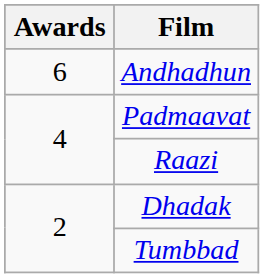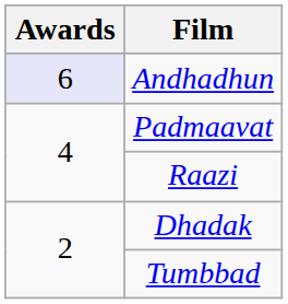 <table class="wikitable plainrowheaders" style="text-align:center;">
 <tr>
 <th scope="col" style="width:55px;">Awards</th>
 <th scope="col" style="text-align:center;">Film</th>
 </tr>
 <tr>
-<td scope="row" style="text-align:center">6</td>
+<td scope="row" style="background: lavender; text-align:center">6</td>
 <td><em><a href='#'>Andhadhun</a></em></td>
 </tr>
 <tr>
 <td rowspan="2" scope="row" style="text-align:center">4</td>
 <td><em><a href='#'>Padmaavat</a></em></td>
 </tr>
 <tr>
 <td><em><a href='#'>Raazi</a></em></td>
 </tr>
 <tr>
 <td rowspan="2" scope="row" style="text-align:center;">2</td>
 <td><em><a href='#'>Dhadak</a></em></td>
 </tr>
 <tr>
 <td><em><a href='#'>Tumbbad</a></em></td>
 </tr>
 </table>
